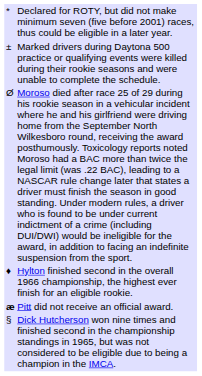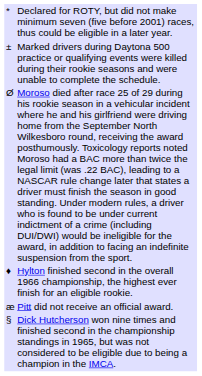 <table style="float:right; background:#e0e0ff; width:25%;">
 <tr>
 <td style="vertical-align:top">*</td>
 <td>Declared for ROTY, but did not make minimum seven (five before 2001) races, thus could be eligible in a later year.</td>
 </tr>
 <tr>
 <td style="vertical-align:top">±</td>
 <td>Marked drivers during Daytona 500 practice or qualifying events were killed during their rookie seasons and were unable to complete the schedule.</td>
 </tr>
 <tr>
 <td style="vertical-align:top">Ø</td>
 <td><a href='#'>Moroso</a> died after race 25 of 29 during his rookie season in a vehicular incident where he and his girlfriend were driving home from the September North Wilkesboro round, receiving the award posthumously.  Toxicology reports noted Moroso had a BAC more than twice the legal limit (was .22 BAC), leading to a NASCAR rule change later that states a driver must finish the season in good standing.  Under modern rules, a driver who is found to be under current indictment of a crime (including DUI/DWI) would be ineligible for the award, in addition to facing an indefinite suspension from the sport.</td>
 </tr>
 <tr>
 <td style="vertical-align:top">♦</td>
 <td><a href='#'>Hylton</a> finished second in the overall 1966 championship, the highest ever finish for an eligible rookie.</td>
 </tr>
 <tr>
-<td style="vertical-align:top"><strong>æ</strong></td>
+<td style="vertical-align:top">æ</td>
 <td><a href='#'>Pitt</a> did not receive an official award.</td>
 </tr>
 <tr>
 <td style="vertical-align:top">§</td>
 <td><a href='#'>Dick Hutcherson</a> won nine times and finished second in the championship standings in 1965, but was not considered to be eligible due to being a champion in the <a href='#'>IMCA</a>.</td>
 </tr>
 </table>
